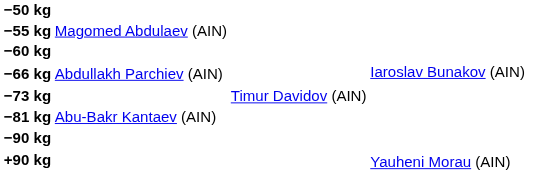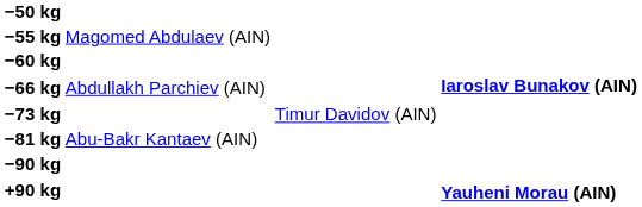 <table>
 <tr>
 <th rowspan=2>−50 kg</th>
 <td rowspan=2></td>
 <td rowspan=2></td>
 <td></td>
 </tr>
 <tr>
 <td></td>
 </tr>
 <tr>
 <th rowspan=2>−55 kg</th>
 <td rowspan=2> <a href='#'>Magomed Abdulaev</a> <span>(<abbr>AIN</abbr>)</span></td>
 <td rowspan=2></td>
 <td></td>
 </tr>
 <tr>
 <td></td>
 </tr>
 <tr>
 <th rowspan=2>−60 kg</th>
 <td rowspan=2></td>
 <td rowspan=2></td>
 <td></td>
 </tr>
 <tr>
 <td></td>
 </tr>
 <tr>
 <th rowspan=2>−66 kg</th>
 <td rowspan=2> <a href='#'>Abdullakh Parchiev</a> <span>(<abbr>AIN</abbr>)</span></td>
 <td rowspan=2></td>
-<td> <a href='#'>Iaroslav Bunakov</a> <span>(<abbr>AIN</abbr>)</span></td>
+<td><strong> <a href='#'>Iaroslav Bunakov</a> <span>(<abbr>AIN</abbr>)</span></strong></td>
 </tr>
 <tr>
 <td></td>
 </tr>
 <tr>
 <th rowspan=2>−73 kg</th>
 <td rowspan=2></td>
 <td rowspan=2> <a href='#'>Timur Davidov</a> <span>(<abbr>AIN</abbr>)</span></td>
 <td></td>
 </tr>
 <tr>
 <td></td>
 </tr>
 <tr>
 <th rowspan=2>−81 kg</th>
 <td rowspan=2> <a href='#'>Abu-Bakr Kantaev</a> <span>(<abbr>AIN</abbr>)</span></td>
 <td rowspan=2></td>
 <td></td>
 </tr>
 <tr>
 <td></td>
 </tr>
 <tr>
 <th rowspan=2>−90 kg</th>
 <td rowspan=2></td>
 <td rowspan=2></td>
 <td></td>
 </tr>
 <tr>
 <td></td>
 </tr>
 <tr>
 <th rowspan=2>+90 kg</th>
 <td rowspan=2></td>
 <td rowspan=2></td>
 <td></td>
 </tr>
 <tr>
-<td> <a href='#'>Yauheni Morau</a> <span>(<abbr>AIN</abbr>)</span></td>
+<td><strong> <a href='#'>Yauheni Morau</a> <span>(<abbr>AIN</abbr>)</span></strong></td>
 </tr>
 </table>
